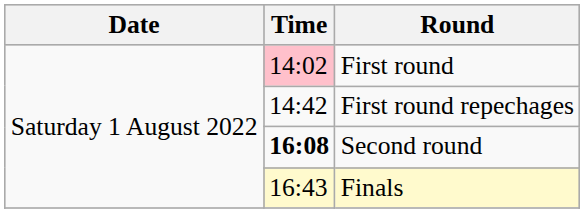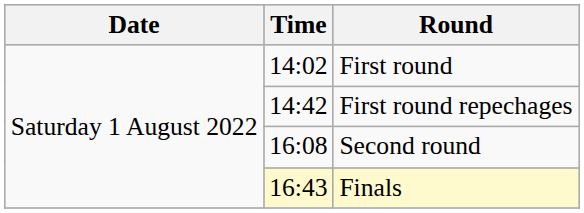 <table class="wikitable">
 <tr>
 <th>Date</th>
 <th>Time</th>
 <th>Round</th>
 </tr>
 <tr>
 <td rowspan=4>Saturday 1 August 2022</td>
-<td style="background: pink;">14:02</td>
+<td>14:02</td>
 <td>First round</td>
 </tr>
 <tr>
 <td>14:42</td>
 <td>First round repechages</td>
 </tr>
 <tr>
-<td><strong>16:08</strong></td>
+<td>16:08</td>
 <td>Second round</td>
 </tr>
 <tr>
 <td style=background:lemonchiffon>16:43</td>
 <td style=background:lemonchiffon>Finals</td>
 </tr>
 </table>
